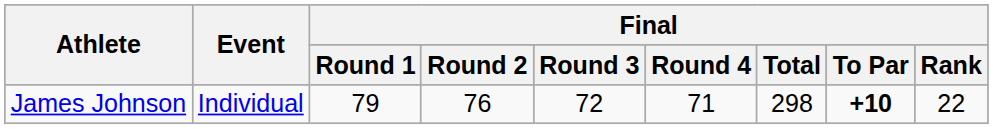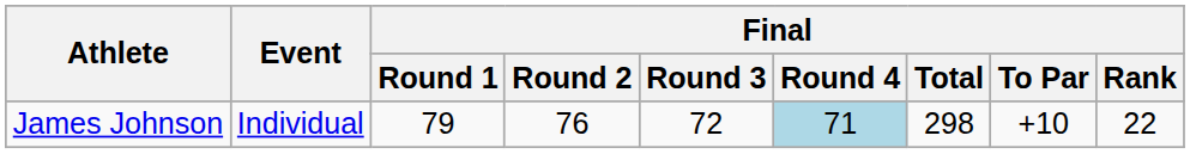 <table class="wikitable" border="1" style="font-size:90%; text-align:center">
 <tr>
 <th rowspan=2>Athlete</th>
 <th rowspan=2>Event</th>
 <th colspan=7>Final</th>
 </tr>
 <tr>
 <th>Round 1</th>
 <th>Round 2</th>
 <th>Round 3</th>
 <th>Round 4</th>
 <th>Total</th>
 <th>To Par</th>
 <th>Rank</th>
 </tr>
 <tr>
 <td align=left><a href='#'>James Johnson</a></td>
 <td align=left><a href='#'>Individual</a></td>
 <td>79</td>
 <td>76</td>
 <td>72</td>
-<td>71</td>
+<td style="background: lightblue;">71</td>
 <td>298</td>
-<td><strong>+10</strong></td>
+<td>+10</td>
 <td>22</td>
 </tr>
 </table>
